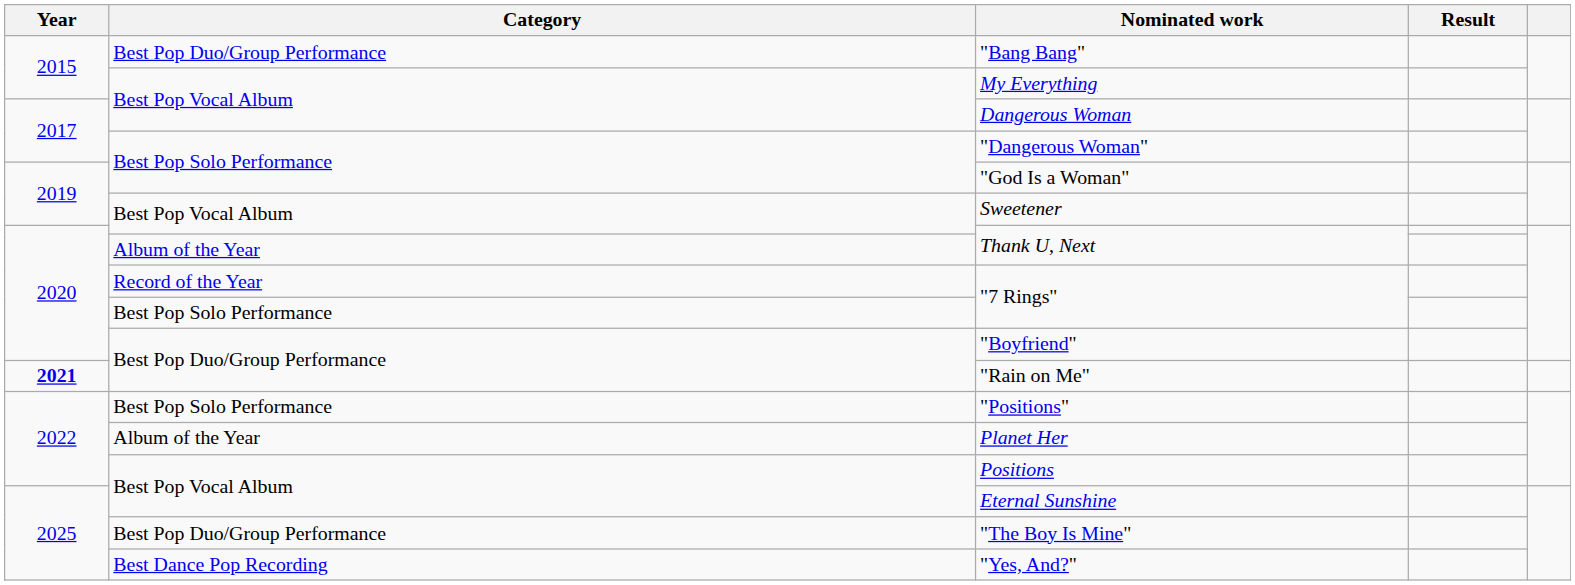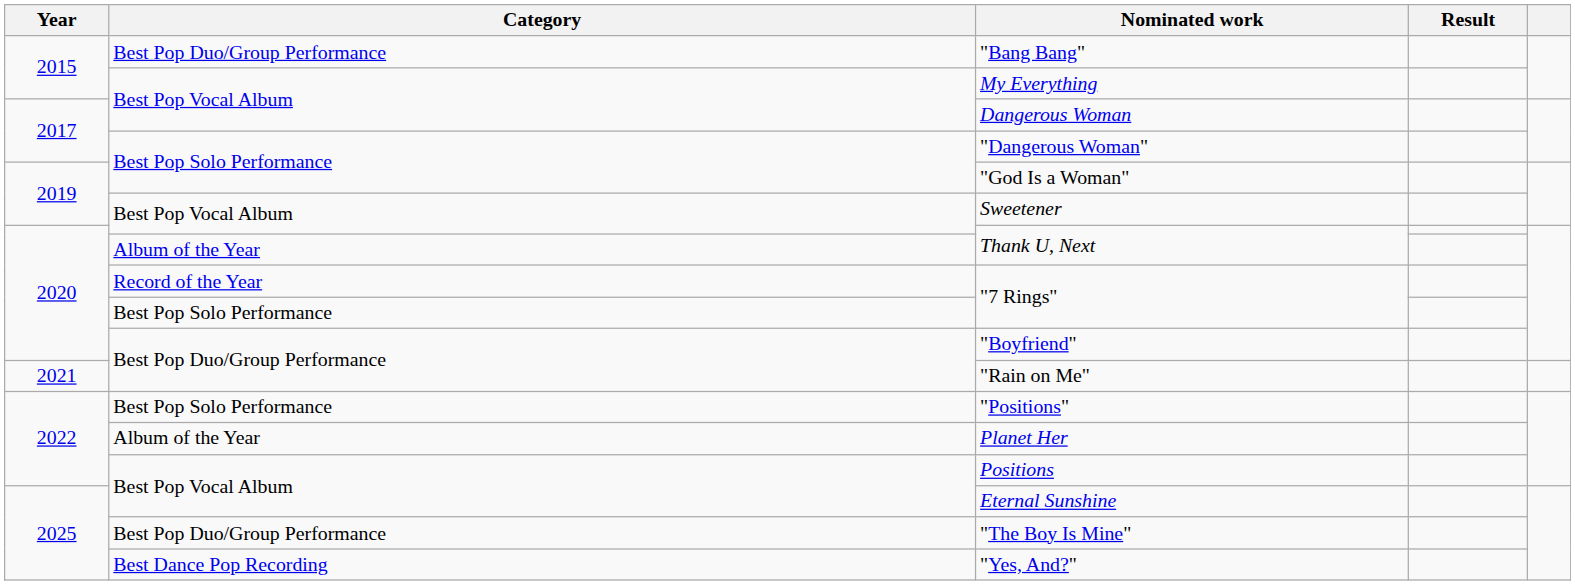 <table class="wikitable plainrowheaders" style="width:100%;">
 <tr>
 <th scope="col" style="width:2%;">Year</th>
 <th scope="col" style="width:20%;">Category</th>
 <th scope="col" style="width:10%;">Nominated work</th>
 <th scope="col" style="width:2%;">Result</th>
 <th scope="col" style="width:1%;"></th>
 </tr>
 <tr>
 <td align="center" rowspan="2"><a href='#'>2015</a></td>
 <td><a href='#'>Best Pop Duo/Group Performance</a></td>
 <td>"<a href='#'>Bang Bang</a>" </td>
 <td></td>
 <td rowspan="2" style="text-align:center;"></td>
 </tr>
 <tr>
 <td rowspan="2"><a href='#'>Best Pop Vocal Album</a></td>
 <td><em><a href='#'>My Everything</a></em></td>
 <td></td>
 </tr>
 <tr>
 <td align="center" rowspan="2"><a href='#'>2017</a></td>
 <td><em><a href='#'>Dangerous Woman</a></em></td>
 <td></td>
 <td rowspan="2" style="text-align:center;"></td>
 </tr>
 <tr>
 <td rowspan="2"><a href='#'>Best Pop Solo Performance</a></td>
 <td>"<a href='#'>Dangerous Woman</a>"</td>
 <td></td>
 </tr>
 <tr>
 <td align="center" rowspan="2"><a href='#'>2019</a></td>
 <td>"God Is a Woman"</td>
 <td></td>
 <td rowspan="2" style="text-align:center;"></td>
 </tr>
 <tr>
 <td rowspan="2">Best Pop Vocal Album</td>
 <td><em>Sweetener</em></td>
 <td></td>
 </tr>
 <tr>
 <td align="center" rowspan="5"><a href='#'>2020</a></td>
 <td rowspan="2"><em>Thank U, Next</em></td>
 <td></td>
 <td rowspan="5" style="text-align:center;"></td>
 </tr>
 <tr>
 <td><a href='#'>Album of the Year</a></td>
 <td></td>
 </tr>
 <tr>
 <td><a href='#'>Record of the Year</a></td>
 <td rowspan="2">"7 Rings"</td>
 <td></td>
 </tr>
 <tr>
 <td>Best Pop Solo Performance</td>
 <td></td>
 </tr>
 <tr>
 <td rowspan="2">Best Pop Duo/Group Performance</td>
 <td>"<a href='#'>Boyfriend</a>" </td>
 <td></td>
 </tr>
 <tr>
-<td align="center"><strong><a href='#'>2021</a></strong></td>
+<td align="center"><a href='#'>2021</a></td>
 <td>"Rain on Me" </td>
 <td></td>
 <td style="text-align:center;'"></td>
 </tr>
 <tr>
 <td align="center" rowspan="3"><a href='#'>2022</a></td>
 <td>Best Pop Solo Performance</td>
 <td>"<a href='#'>Positions</a>"</td>
 <td></td>
 <td rowspan="3" style="text-align:center;"></td>
 </tr>
 <tr>
 <td>Album of the Year</td>
 <td><em><a href='#'>Planet Her</a></em> </td>
 <td></td>
 </tr>
 <tr>
 <td rowspan="2">Best Pop Vocal Album</td>
 <td><em><a href='#'>Positions</a></em></td>
 <td></td>
 </tr>
 <tr>
 <td align="center" rowspan="3"><a href='#'>2025</a></td>
 <td><em><a href='#'>Eternal Sunshine</a></em></td>
 <td></td>
 <td rowspan="3" style="text-align:center;"></td>
 </tr>
 <tr>
 <td>Best Pop Duo/Group Performance</td>
 <td>"<a href='#'>The Boy Is Mine</a>" </td>
 <td></td>
 </tr>
 <tr>
 <td><a href='#'>Best Dance Pop Recording</a></td>
 <td>"<a href='#'>Yes, And?</a>"</td>
 <td></td>
 </tr>
 </table>
